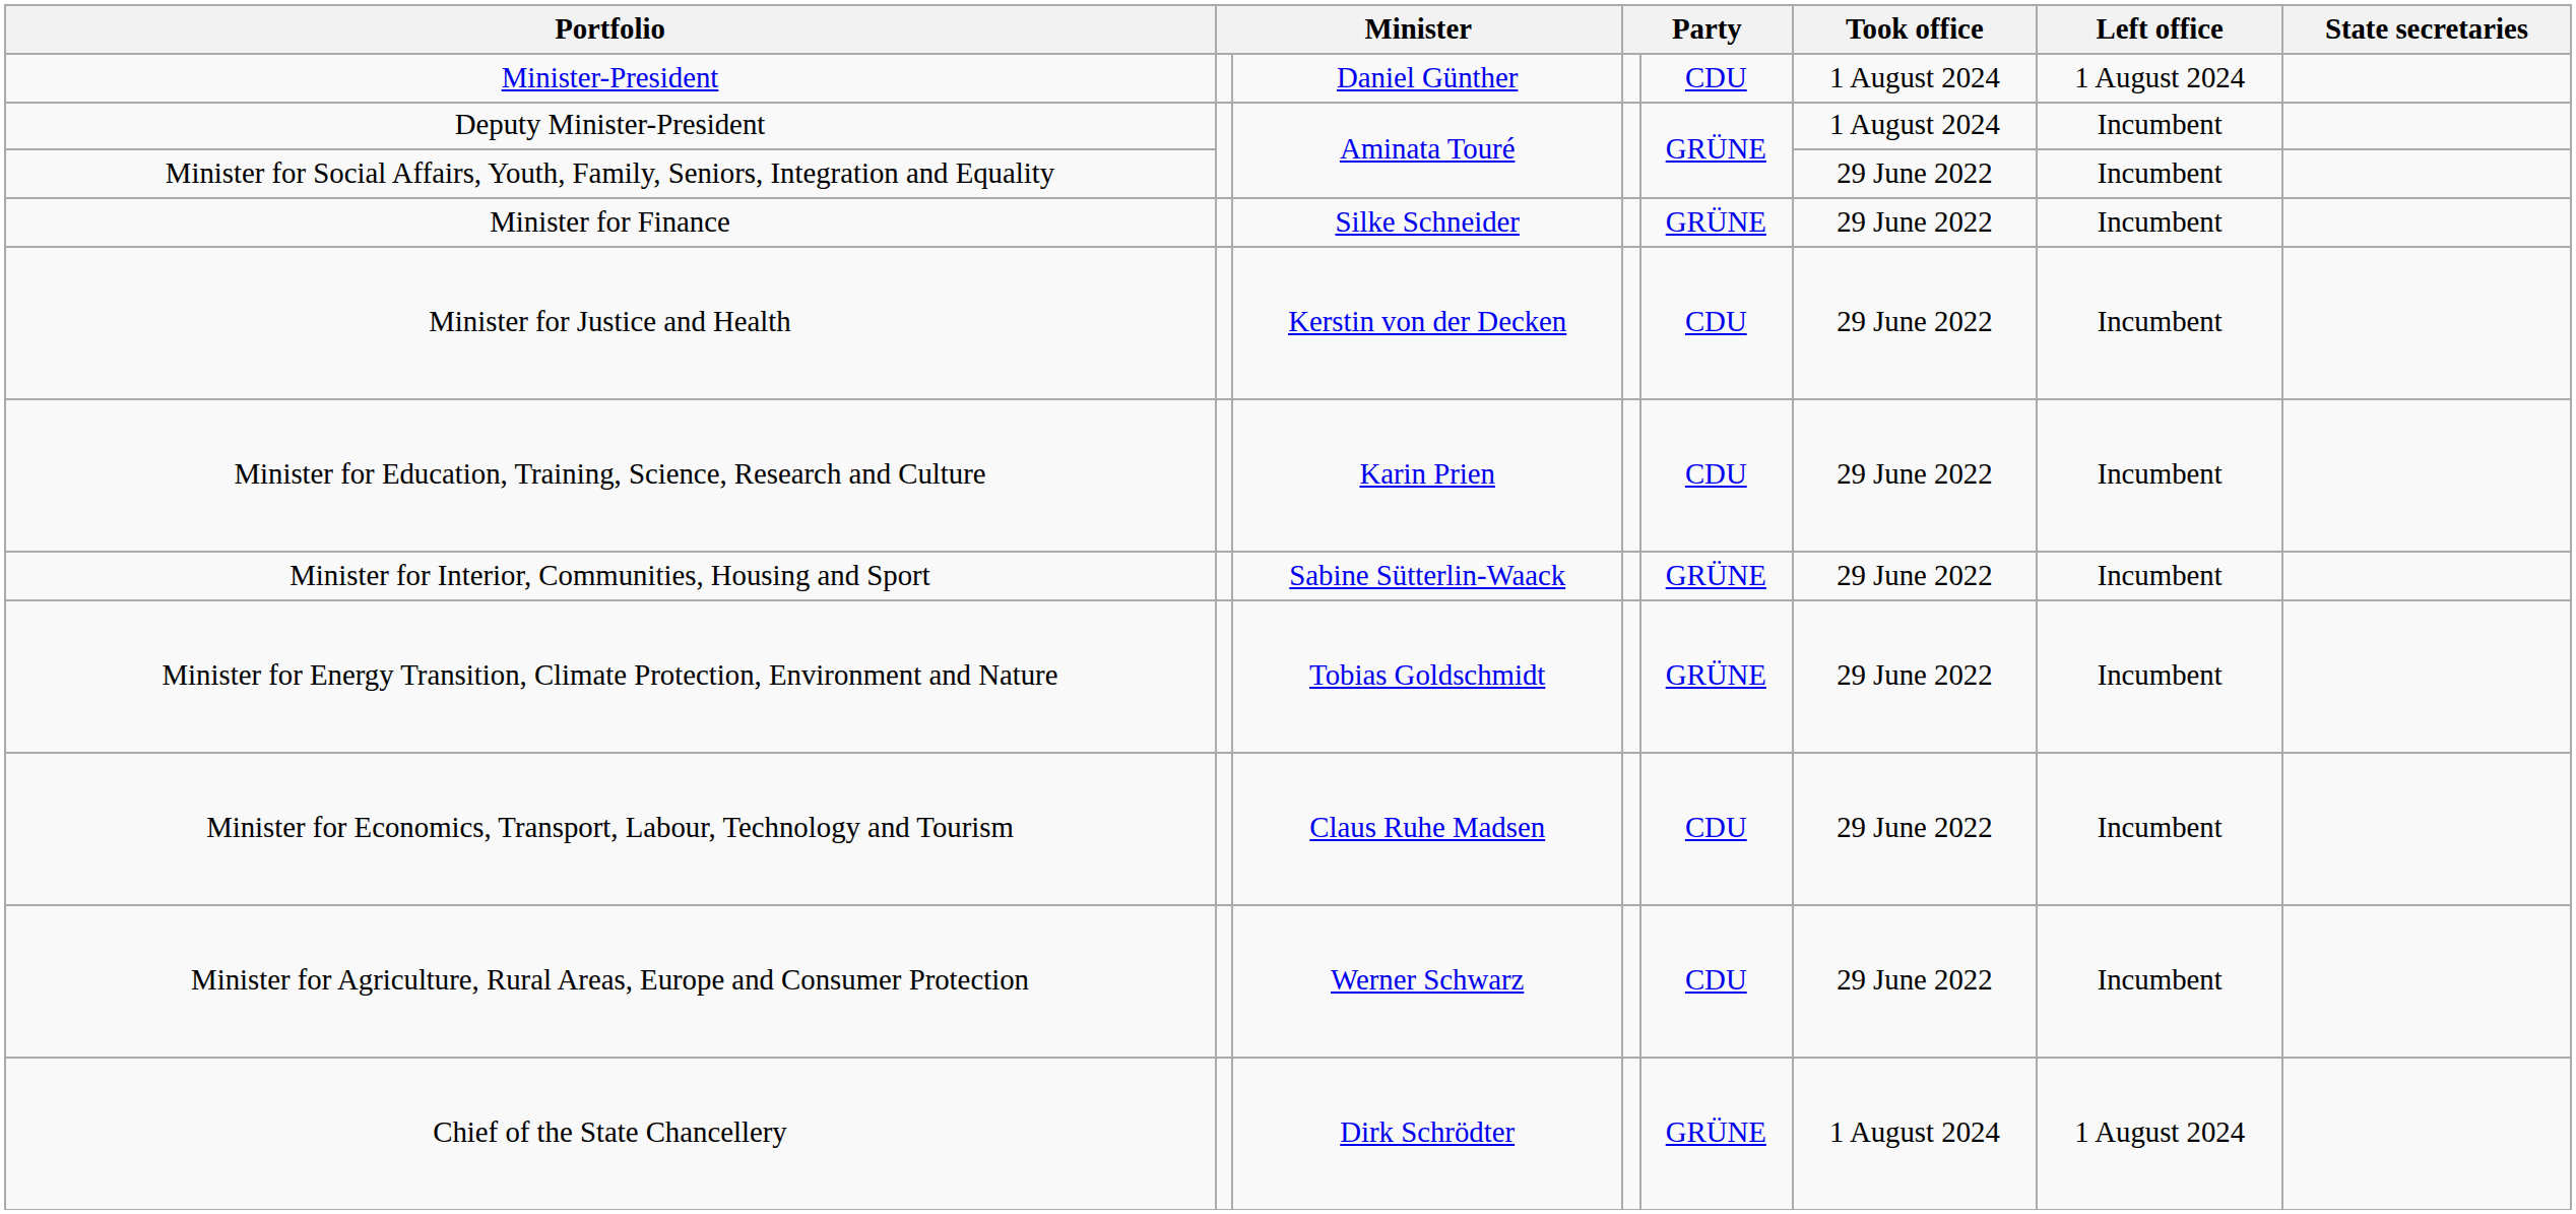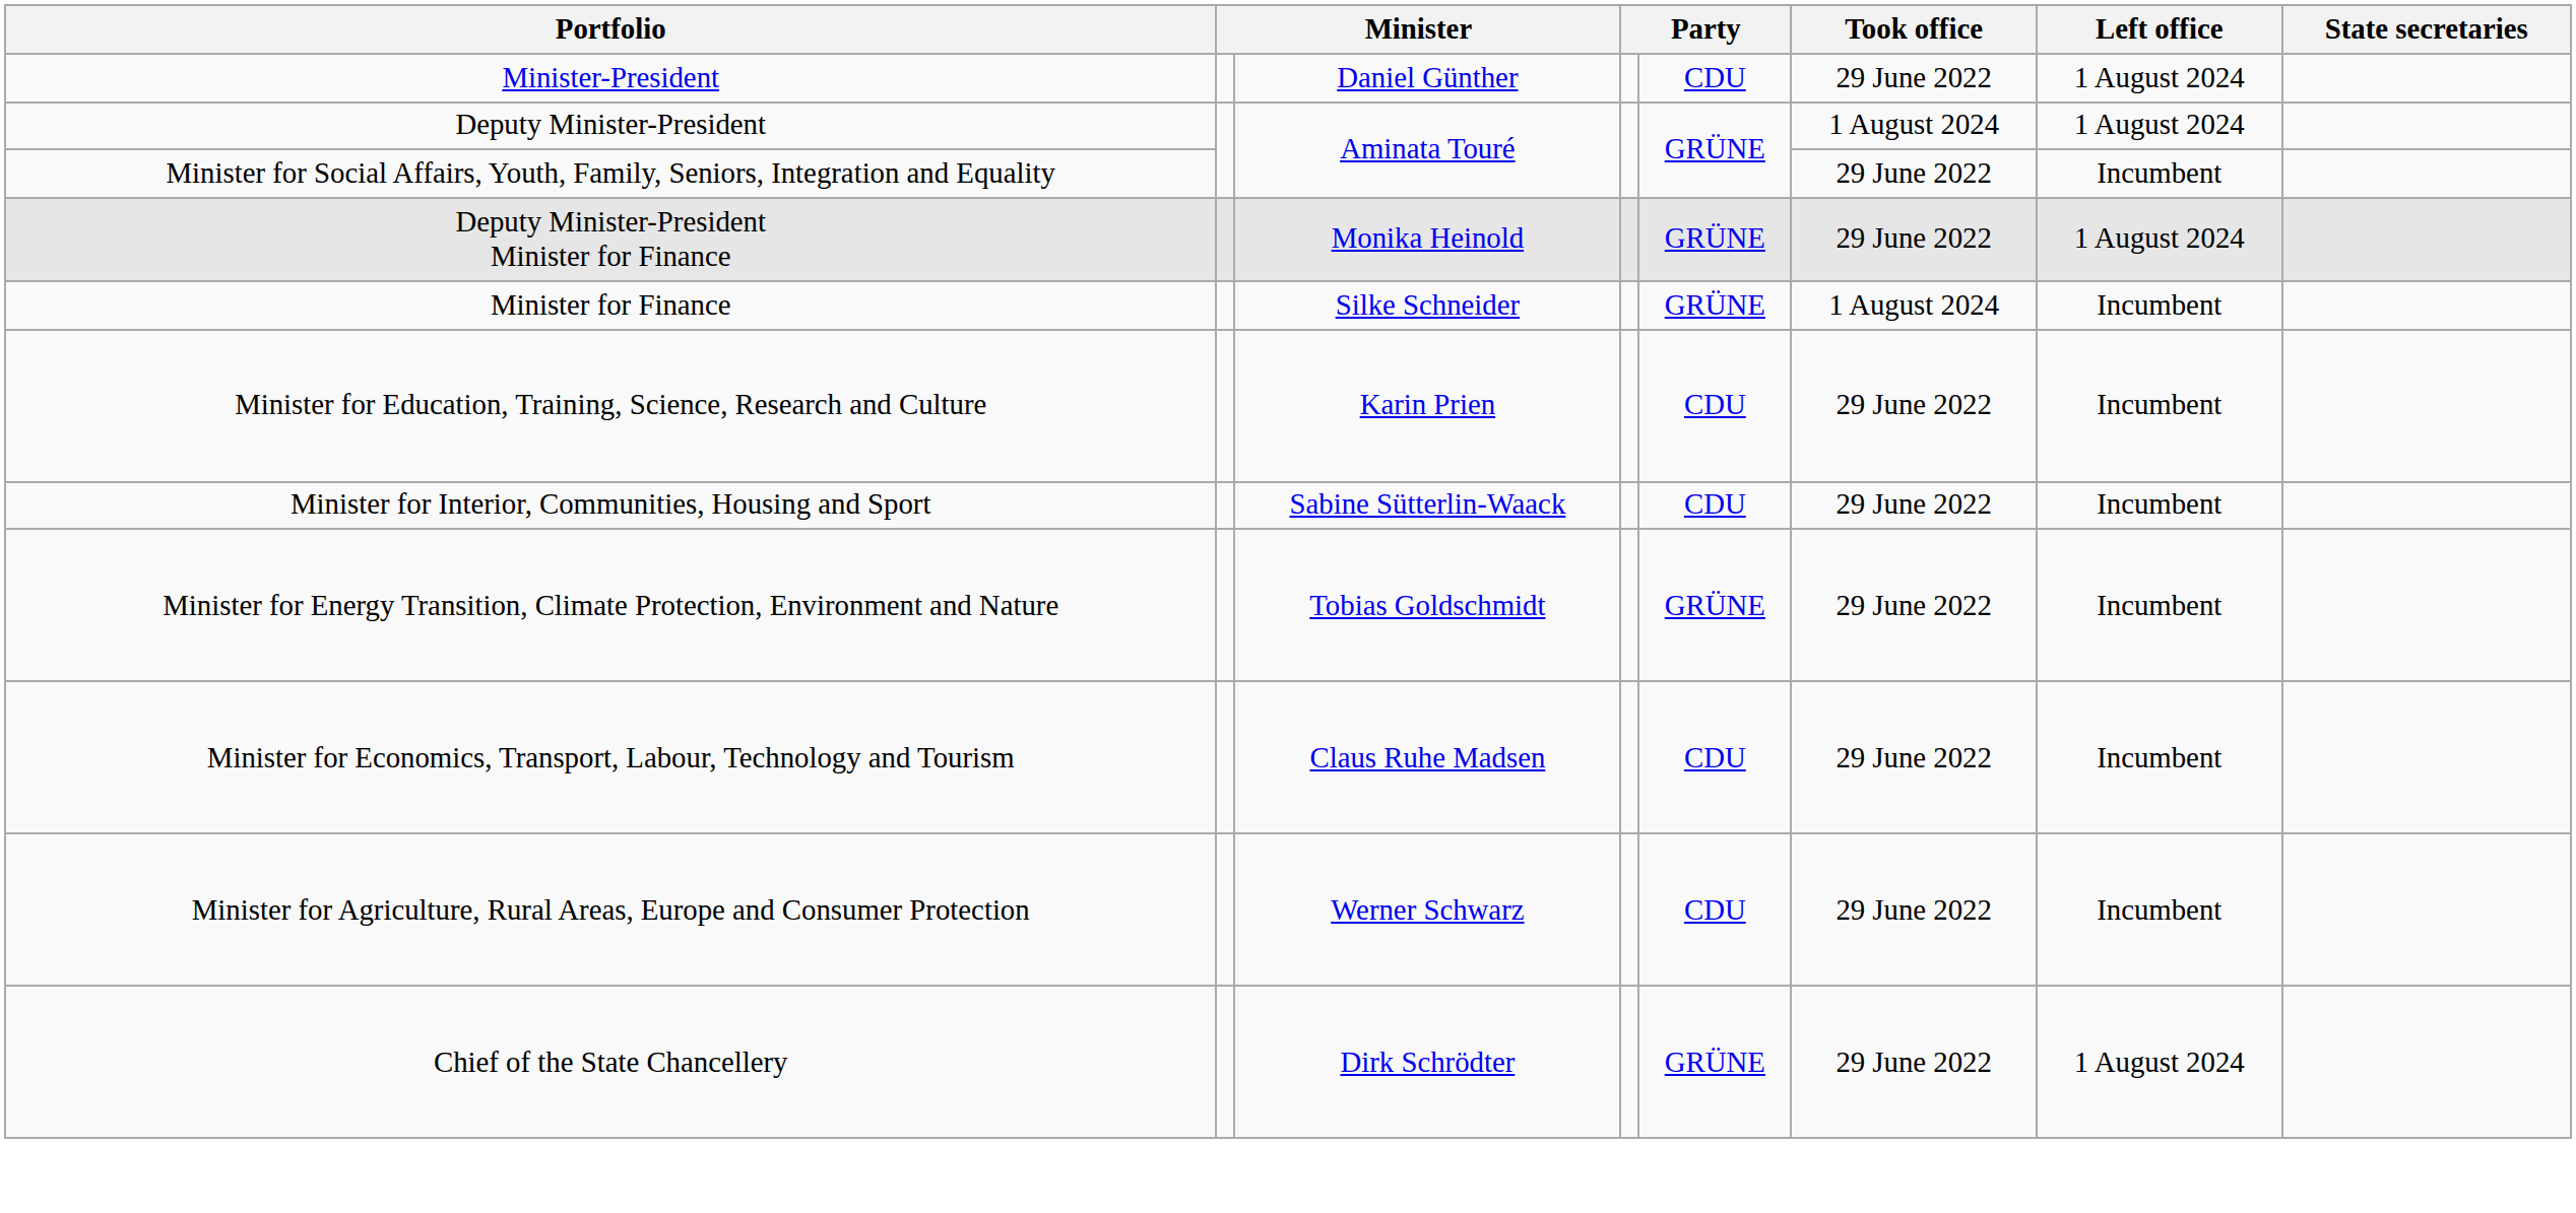 <table class="wikitable" style="width:100%; text-align:center; font-size:90%">
 <tr>
 <th>Portfolio</th>
 <th colspan="2">Minister</th>
 <th colspan="2">Party</th>
 <th>Took office</th>
 <th>Left office</th>
 <th>State secretaries</th>
 </tr>
 <tr>
 <td><a href='#'>Minister-President</a></td>
 <td></td>
 <td><a href='#'>Daniel Günther</a><br></td>
 <td></td>
 <td><a href='#'>CDU</a></td>
-<td>1 August 2024</td>
+<td>29 June 2022</td>
 <td>1 August 2024</td>
 <td></td>
 </tr>
 <tr>
 <td>Deputy Minister-President</td>
 <td rowspan="2"></td>
 <td rowspan="2"><a href='#'>Aminata Touré</a><br></td>
 <td rowspan="2"></td>
 <td rowspan="2"><a href='#'>GRÜNE</a></td>
 <td>1 August 2024</td>
-<td>Incumbent</td>
+<td>1 August 2024</td>
 <td></td>
 </tr>
 <tr>
 <td>Minister for Social Affairs, Youth, Family, Seniors, Integration and Equality</td>
 <td>29 June 2022</td>
 <td>Incumbent</td>
 <td></td>
 </tr>
+<tr style="background-color:#E6E6E6">
+<td>Deputy Minister-President<br>Minister for Finance</td>
+<td></td>
+<td><a href='#'>Monika Heinold</a><br></td>
+<td></td>
+<td><a href='#'>GRÜNE</a></td>
+<td>29 June 2022</td>
+<td>1 August 2024</td>
+<td></td>
+</tr>
 <tr>
 <td>Minister for Finance</td>
 <td></td>
 <td><a href='#'>Silke Schneider</a><br></td>
 <td></td>
 <td><a href='#'>GRÜNE</a></td>
-<td>29 June 2022</td>
-<td>Incumbent</td>
-<td></td>
-</tr>
-<tr style="height:75px">
-<td>Minister for Justice and Health</td>
-<td></td>
-<td><a href='#'>Kerstin von der Decken</a><br></td>
-<td></td>
-<td><a href='#'>CDU</a></td>
-<td>29 June 2022</td>
+<td>1 August 2024</td>
 <td>Incumbent</td>
 <td></td>
 </tr>
 <tr style="height:75px">
 <td>Minister for Education, Training, Science, Research and Culture</td>
 <td></td>
 <td><a href='#'>Karin Prien</a><br></td>
 <td></td>
 <td><a href='#'>CDU</a></td>
 <td>29 June 2022</td>
 <td>Incumbent</td>
 <td></td>
 </tr>
 <tr>
 <td>Minister for Interior, Communities, Housing and Sport</td>
 <td></td>
 <td><a href='#'>Sabine Sütterlin-Waack</a><br></td>
 <td></td>
-<td><a href='#'>GRÜNE</a></td>
+<td><a href='#'>CDU</a></td>
 <td>29 June 2022</td>
 <td>Incumbent</td>
 <td></td>
 </tr>
 <tr style="height:75px">
 <td>Minister for Energy Transition, Climate Protection, Environment and Nature</td>
 <td></td>
 <td><a href='#'>Tobias Goldschmidt</a><br></td>
 <td></td>
 <td><a href='#'>GRÜNE</a></td>
 <td>29 June 2022</td>
 <td>Incumbent</td>
 <td></td>
 </tr>
 <tr style="height:75px">
 <td>Minister for Economics, Transport, Labour, Technology and Tourism</td>
 <td></td>
 <td><a href='#'>Claus Ruhe Madsen</a><br></td>
 <td></td>
 <td><a href='#'>CDU</a></td>
 <td>29 June 2022</td>
 <td>Incumbent</td>
 <td></td>
 </tr>
 <tr style="height:75px">
 <td>Minister for Agriculture, Rural Areas, Europe and Consumer Protection</td>
 <td></td>
 <td><a href='#'>Werner Schwarz</a><br></td>
 <td></td>
 <td><a href='#'>CDU</a></td>
 <td>29 June 2022</td>
 <td>Incumbent</td>
 <td></td>
 </tr>
 <tr style="height:75px">
 <td>Chief of the State Chancellery</td>
 <td></td>
 <td><a href='#'>Dirk Schrödter</a><br></td>
 <td></td>
 <td><a href='#'>GRÜNE</a></td>
-<td>1 August 2024</td>
+<td>29 June 2022</td>
 <td>1 August 2024</td>
 <td></td>
 </tr>
 </table>
